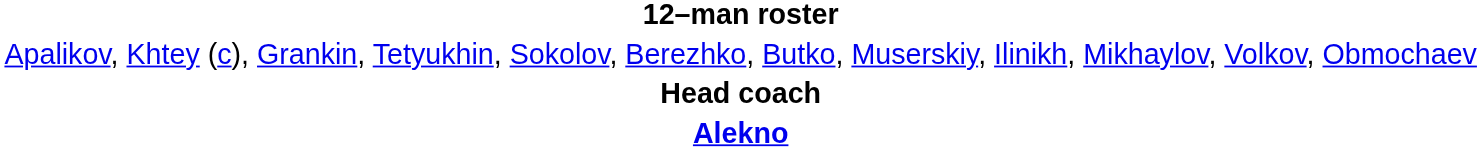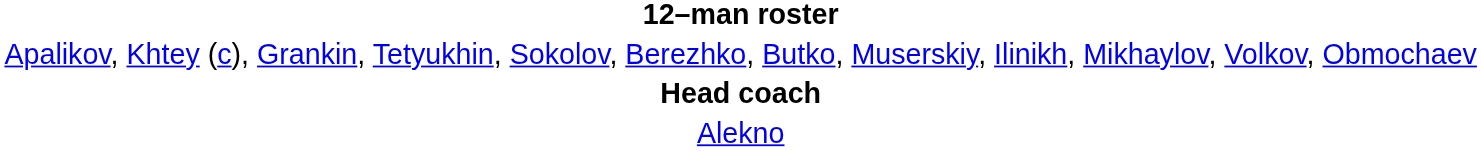 <table style="text-align:center; margin-top:2em; margin-left:auto; margin-right:auto">
 <tr>
 <td><strong>12–man roster</strong></td>
 </tr>
 <tr>
 <td><a href='#'>Apalikov</a>, <a href='#'>Khtey</a> (<a href='#'>c</a>), <a href='#'>Grankin</a>, <a href='#'>Tetyukhin</a>, <a href='#'>Sokolov</a>, <a href='#'>Berezhko</a>, <a href='#'>Butko</a>, <a href='#'>Muserskiy</a>, <a href='#'>Ilinikh</a>, <a href='#'>Mikhaylov</a>, <a href='#'>Volkov</a>, <a href='#'>Obmochaev</a></td>
 </tr>
 <tr>
 <td><strong>Head coach</strong></td>
 </tr>
 <tr>
-<td><strong><a href='#'>Alekno</a></strong></td>
+<td><a href='#'>Alekno</a></td>
 </tr>
 </table>
